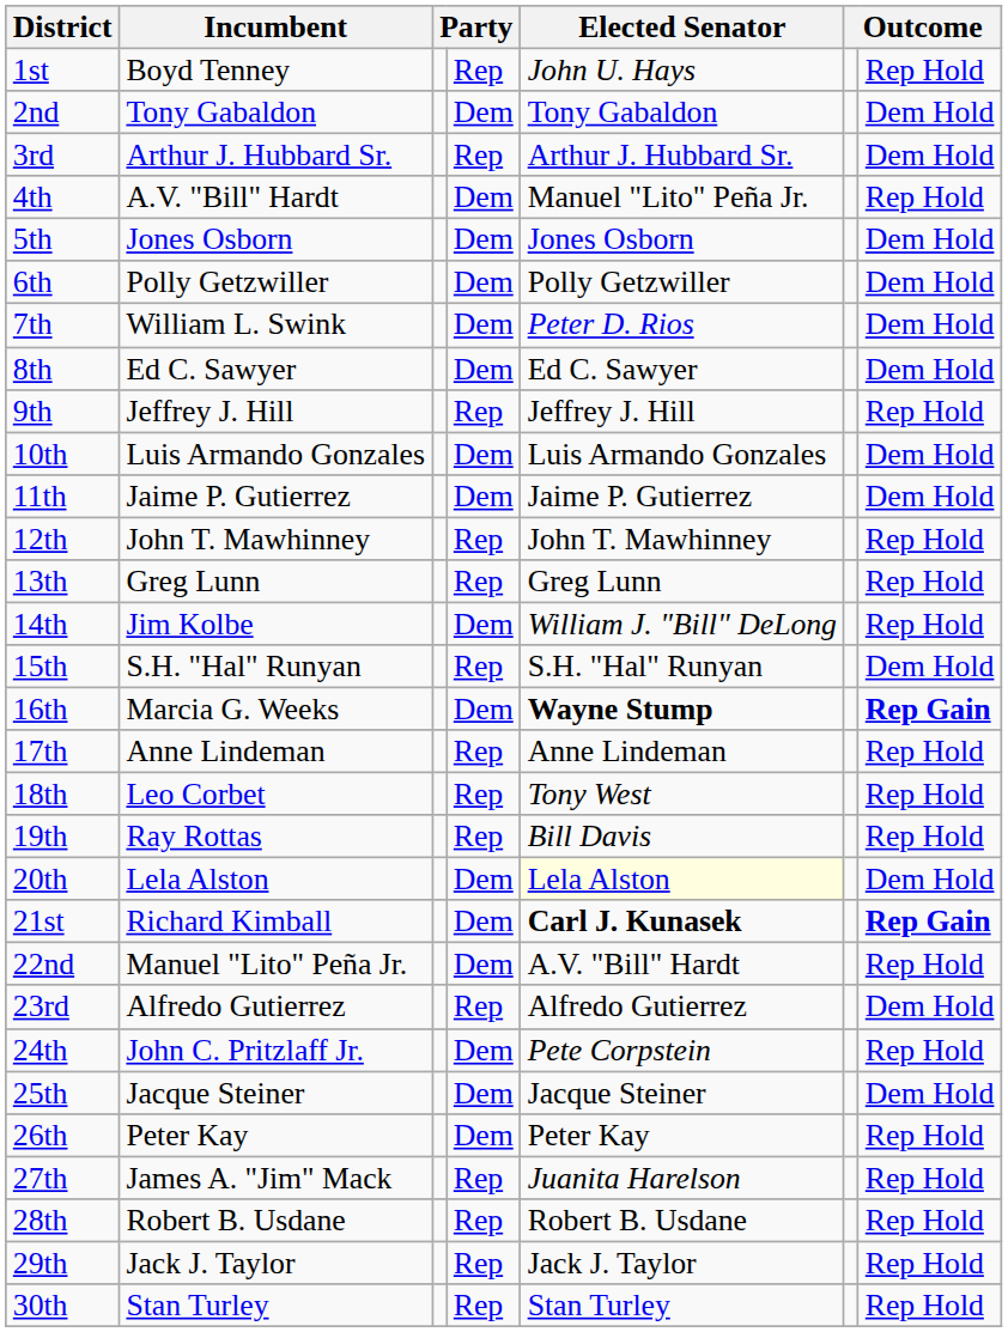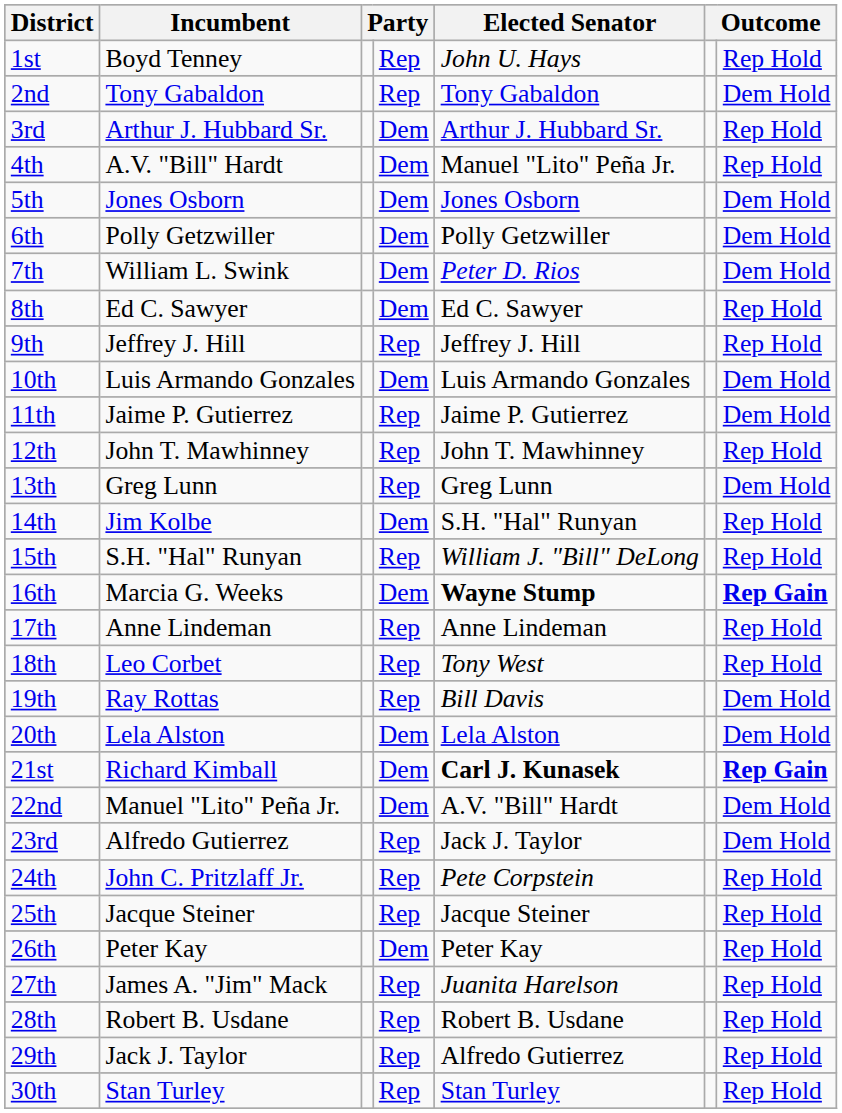 <table class="sortable wikitable" style="font-size:95%;line-height:14px;">
 <tr>
 <th>District</th>
 <th>Incumbent</th>
 <th colspan="2">Party</th>
 <th>Elected Senator</th>
 <th colspan="2">Outcome</th>
 </tr>
 <tr>
 <td><a href='#'>1st</a></td>
 <td>Boyd Tenney</td>
 <td style="background:"></td>
 <td><a href='#'>Rep</a></td>
 <td><em>John U. Hays</em></td>
 <td style="background:"></td>
 <td><a href='#'>Rep Hold</a></td>
 </tr>
 <tr>
 <td><a href='#'>2nd</a></td>
 <td><a href='#'>Tony Gabaldon</a></td>
 <td style="background:"></td>
-<td><a href='#'>Dem</a></td>
+<td><a href='#'>Rep</a></td>
 <td><a href='#'>Tony Gabaldon</a></td>
 <td style="background:"></td>
 <td><a href='#'>Dem Hold</a></td>
 </tr>
 <tr>
 <td><a href='#'>3rd</a></td>
 <td><a href='#'>Arthur J. Hubbard Sr.</a></td>
 <td style="background:"></td>
-<td><a href='#'>Rep</a></td>
+<td><a href='#'>Dem</a></td>
 <td><a href='#'>Arthur J. Hubbard Sr.</a></td>
 <td style="background:"></td>
-<td><a href='#'>Dem Hold</a></td>
+<td><a href='#'>Rep Hold</a></td>
 </tr>
 <tr>
 <td><a href='#'>4th</a></td>
 <td>A.V. "Bill" Hardt</td>
 <td style="background:"></td>
 <td><a href='#'>Dem</a></td>
 <td>Manuel "Lito" Peña Jr.</td>
 <td style="background:"></td>
 <td><a href='#'>Rep Hold</a></td>
 </tr>
 <tr>
 <td><a href='#'>5th</a></td>
 <td><a href='#'>Jones Osborn</a></td>
 <td style="background:"></td>
 <td><a href='#'>Dem</a></td>
 <td><a href='#'>Jones Osborn</a></td>
 <td style="background:"></td>
 <td><a href='#'>Dem Hold</a></td>
 </tr>
 <tr>
 <td><a href='#'>6th</a></td>
 <td>Polly Getzwiller</td>
 <td style="background:"></td>
 <td><a href='#'>Dem</a></td>
 <td>Polly Getzwiller</td>
 <td style="background:"></td>
 <td><a href='#'>Dem Hold</a></td>
 </tr>
 <tr>
 <td><a href='#'>7th</a></td>
 <td>William L. Swink</td>
 <td style="background:"></td>
 <td><a href='#'>Dem</a></td>
 <td><em><a href='#'>Peter D. Rios</a></em></td>
 <td style="background:"></td>
 <td><a href='#'>Dem Hold</a></td>
 </tr>
 <tr>
 <td><a href='#'>8th</a></td>
 <td>Ed C. Sawyer</td>
 <td style="background:"></td>
 <td><a href='#'>Dem</a></td>
 <td>Ed C. Sawyer</td>
 <td style="background:"></td>
-<td><a href='#'>Dem Hold</a></td>
+<td><a href='#'>Rep Hold</a></td>
 </tr>
 <tr>
 <td><a href='#'>9th</a></td>
 <td>Jeffrey J. Hill</td>
 <td style="background:"></td>
 <td><a href='#'>Rep</a></td>
 <td>Jeffrey J. Hill</td>
 <td style="background:"></td>
 <td><a href='#'>Rep Hold</a></td>
 </tr>
 <tr>
 <td><a href='#'>10th</a></td>
 <td>Luis Armando Gonzales</td>
 <td style="background:"></td>
 <td><a href='#'>Dem</a></td>
 <td>Luis Armando Gonzales</td>
 <td style="background:"></td>
 <td><a href='#'>Dem Hold</a></td>
 </tr>
 <tr>
 <td><a href='#'>11th</a></td>
 <td>Jaime P. Gutierrez</td>
 <td style="background:"></td>
-<td><a href='#'>Dem</a></td>
+<td><a href='#'>Rep</a></td>
 <td>Jaime P. Gutierrez</td>
 <td style="background:"></td>
 <td><a href='#'>Dem Hold</a></td>
 </tr>
 <tr>
 <td><a href='#'>12th</a></td>
 <td>John T. Mawhinney</td>
 <td style="background:"></td>
 <td><a href='#'>Rep</a></td>
 <td>John T. Mawhinney</td>
 <td style="background:"></td>
 <td><a href='#'>Rep Hold</a></td>
 </tr>
 <tr>
 <td><a href='#'>13th</a></td>
 <td>Greg Lunn</td>
 <td style="background:"></td>
 <td><a href='#'>Rep</a></td>
 <td>Greg Lunn</td>
 <td style="background:"></td>
-<td><a href='#'>Rep Hold</a></td>
+<td><a href='#'>Dem Hold</a></td>
 </tr>
 <tr>
 <td><a href='#'>14th</a></td>
 <td><a href='#'>Jim Kolbe</a></td>
 <td style="background:"></td>
 <td><a href='#'>Dem</a></td>
-<td><em>William J. "Bill" DeLong</em></td>
+<td>S.H. "Hal" Runyan</td>
 <td style="background:"></td>
 <td><a href='#'>Rep Hold</a></td>
 </tr>
 <tr>
 <td><a href='#'>15th</a></td>
 <td>S.H. "Hal" Runyan</td>
 <td style="background:"></td>
 <td><a href='#'>Rep</a></td>
-<td>S.H. "Hal" Runyan</td>
+<td><em>William J. "Bill" DeLong</em></td>
 <td style="background:"></td>
-<td><a href='#'>Dem Hold</a></td>
+<td><a href='#'>Rep Hold</a></td>
 </tr>
 <tr>
 <td><a href='#'>16th</a></td>
 <td>Marcia G. Weeks</td>
 <td style="background:"></td>
 <td><a href='#'>Dem</a></td>
 <td><strong>Wayne Stump</strong></td>
 <td style="background:"></td>
 <td><strong><a href='#'>Rep Gain</a></strong></td>
 </tr>
 <tr>
 <td><a href='#'>17th</a></td>
 <td>Anne Lindeman</td>
 <td style="background:"></td>
 <td><a href='#'>Rep</a></td>
 <td>Anne Lindeman</td>
 <td style="background:"></td>
 <td><a href='#'>Rep Hold</a></td>
 </tr>
 <tr>
 <td><a href='#'>18th</a></td>
 <td><a href='#'>Leo Corbet</a></td>
 <td style="background:"></td>
 <td><a href='#'>Rep</a></td>
 <td><em>Tony West</em></td>
 <td style="background:"></td>
 <td><a href='#'>Rep Hold</a></td>
 </tr>
 <tr>
 <td><a href='#'>19th</a></td>
 <td><a href='#'>Ray Rottas</a></td>
 <td style="background:"></td>
 <td><a href='#'>Rep</a></td>
 <td><em>Bill Davis</em></td>
 <td style="background:"></td>
-<td><a href='#'>Rep Hold</a></td>
+<td><a href='#'>Dem Hold</a></td>
 </tr>
 <tr>
 <td><a href='#'>20th</a></td>
 <td><a href='#'>Lela Alston</a></td>
 <td style="background:"></td>
 <td><a href='#'>Dem</a></td>
-<td style="background: lightyellow;"><a href='#'>Lela Alston</a></td>
+<td><a href='#'>Lela Alston</a></td>
 <td style="background:"></td>
 <td><a href='#'>Dem Hold</a></td>
 </tr>
 <tr>
 <td><a href='#'>21st</a></td>
 <td><a href='#'>Richard Kimball</a></td>
 <td style="background:"></td>
 <td><a href='#'>Dem</a></td>
 <td><strong>Carl J. Kunasek</strong></td>
 <td style="background:"></td>
 <td><strong><a href='#'>Rep Gain</a></strong></td>
 </tr>
 <tr>
 <td><a href='#'>22nd</a></td>
 <td>Manuel "Lito" Peña Jr.</td>
 <td style="background:"></td>
 <td><a href='#'>Dem</a></td>
 <td>A.V. "Bill" Hardt</td>
 <td style="background:"></td>
-<td><a href='#'>Rep Hold</a></td>
+<td><a href='#'>Dem Hold</a></td>
 </tr>
 <tr>
 <td><a href='#'>23rd</a></td>
 <td>Alfredo Gutierrez</td>
 <td style="background:"></td>
 <td><a href='#'>Rep</a></td>
-<td>Alfredo Gutierrez</td>
+<td>Jack J. Taylor</td>
 <td style="background:"></td>
 <td><a href='#'>Dem Hold</a></td>
 </tr>
 <tr>
 <td><a href='#'>24th</a></td>
 <td><a href='#'>John C. Pritzlaff Jr.</a></td>
 <td style="background:"></td>
-<td><a href='#'>Dem</a></td>
+<td><a href='#'>Rep</a></td>
 <td><em>Pete Corpstein</em></td>
 <td style="background:"></td>
 <td><a href='#'>Rep Hold</a></td>
 </tr>
 <tr>
 <td><a href='#'>25th</a></td>
 <td>Jacque Steiner</td>
 <td style="background:"></td>
-<td><a href='#'>Dem</a></td>
+<td><a href='#'>Rep</a></td>
 <td>Jacque Steiner</td>
 <td style="background:"></td>
-<td><a href='#'>Dem Hold</a></td>
+<td><a href='#'>Rep Hold</a></td>
 </tr>
 <tr>
 <td><a href='#'>26th</a></td>
 <td>Peter Kay</td>
 <td style="background:"></td>
 <td><a href='#'>Dem</a></td>
 <td>Peter Kay</td>
 <td style="background:"></td>
 <td><a href='#'>Rep Hold</a></td>
 </tr>
 <tr>
 <td><a href='#'>27th</a></td>
 <td>James A. "Jim" Mack</td>
 <td style="background:"></td>
 <td><a href='#'>Rep</a></td>
 <td><em>Juanita Harelson</em></td>
 <td style="background:"></td>
 <td><a href='#'>Rep Hold</a></td>
 </tr>
 <tr>
 <td><a href='#'>28th</a></td>
 <td>Robert B. Usdane</td>
 <td style="background:"></td>
 <td><a href='#'>Rep</a></td>
 <td>Robert B. Usdane</td>
 <td style="background:"></td>
 <td><a href='#'>Rep Hold</a></td>
 </tr>
 <tr>
 <td><a href='#'>29th</a></td>
 <td>Jack J. Taylor</td>
 <td style="background:"></td>
 <td><a href='#'>Rep</a></td>
-<td>Jack J. Taylor</td>
+<td>Alfredo Gutierrez</td>
 <td style="background:"></td>
 <td><a href='#'>Rep Hold</a></td>
 </tr>
 <tr>
 <td><a href='#'>30th</a></td>
 <td><a href='#'>Stan Turley</a></td>
 <td style="background:"></td>
 <td><a href='#'>Rep</a></td>
 <td><a href='#'>Stan Turley</a></td>
 <td style="background:"></td>
 <td><a href='#'>Rep Hold</a></td>
 </tr>
 <tr>
 </tr>
 </table>
